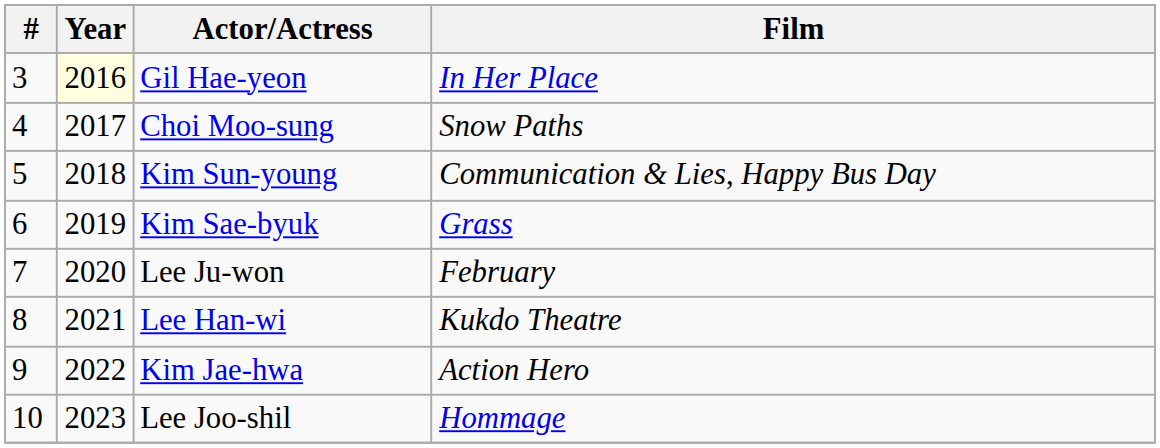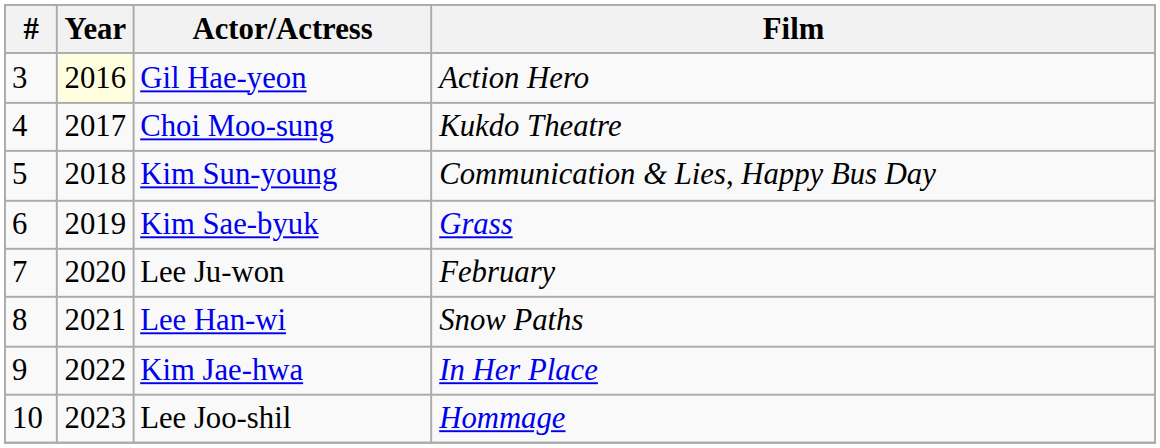 <table class="wikitable" style="width:600px">
 <tr>
 <th width=20>#</th>
 <th width=30>Year</th>
 <th>Actor/Actress</th>
 <th>Film</th>
 </tr>
 <tr>
 <td>3</td>
 <td style="background: lightyellow;">2016</td>
 <td><a href='#'>Gil Hae-yeon</a></td>
-<td><em><a href='#'>In Her Place</a></em></td>
+<td><em>Action Hero	</em></td>
 </tr>
 <tr>
 <td>4</td>
 <td>2017</td>
 <td><a href='#'>Choi Moo-sung</a></td>
-<td><em>Snow Paths</em></td>
+<td><em>Kukdo Theatre</em></td>
 </tr>
 <tr>
 <td>5</td>
 <td>2018</td>
 <td><a href='#'>Kim Sun-young</a></td>
 <td><em>Communication & Lies</em>, <em>Happy Bus Day</em></td>
 </tr>
 <tr>
 <td>6</td>
 <td>2019</td>
 <td><a href='#'>Kim Sae-byuk</a></td>
 <td><em><a href='#'>Grass</a></em></td>
 </tr>
 <tr>
 <td>7</td>
 <td>2020</td>
 <td>Lee Ju-won</td>
 <td><em>February</em></td>
 </tr>
 <tr>
 <td>8</td>
 <td>2021</td>
 <td><a href='#'>Lee Han-wi</a></td>
-<td><em>Kukdo Theatre</em></td>
+<td><em>Snow Paths</em></td>
 </tr>
 <tr>
 <td>9</td>
 <td>2022</td>
 <td><a href='#'>Kim Jae-hwa</a></td>
-<td><em>Action Hero	</em></td>
+<td><em><a href='#'>In Her Place</a></em></td>
 </tr>
 <tr>
 <td>10</td>
 <td>2023</td>
 <td>Lee Joo-shil</td>
 <td><em><a href='#'>Hommage</a></em></td>
 </tr>
 <tr>
 </tr>
 </table>
